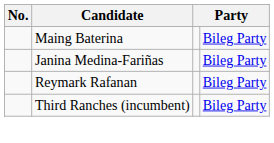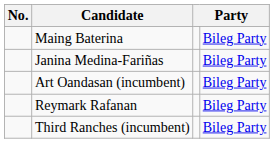 <table class="wikitable sortable" style="text-align:left;">
 <tr>
 <th>No.</th>
 <th>Candidate</th>
 <th colspan="2">Party</th>
 </tr>
 <tr>
 <td></td>
 <td>Maing Baterina</td>
 <td></td>
 <td><a href='#'>Bileg Party</a></td>
 </tr>
 <tr>
 <td></td>
 <td>Janina Medina-Fariñas</td>
 <td></td>
 <td><a href='#'>Bileg Party</a></td>
 </tr>
 <tr>
 <td></td>
+<td>Art Oandasan (incumbent)</td>
+<td></td>
+<td><a href='#'>Bileg Party</a></td>
+</tr>
+<tr>
+<td></td>
 <td>Reymark Rafanan</td>
 <td></td>
 <td><a href='#'>Bileg Party</a></td>
 </tr>
 <tr>
 <td></td>
 <td>Third Ranches (incumbent)</td>
 <td></td>
 <td><a href='#'>Bileg Party</a></td>
 </tr>
 </table>
